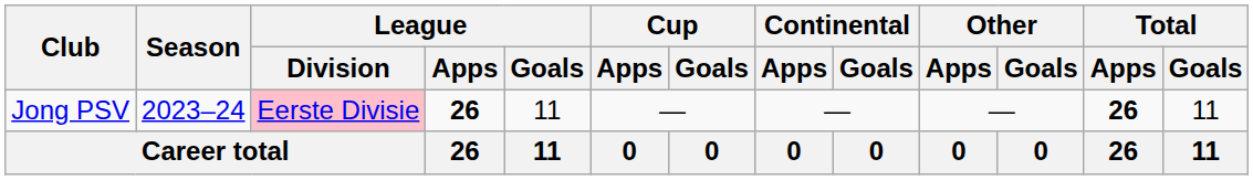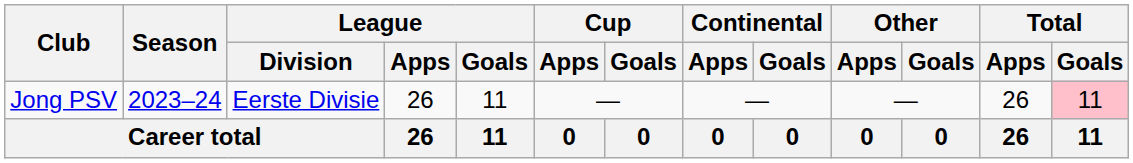 <table class="wikitable" Style="text-align: center">
 <tr>
 <th rowspan="2">Club</th>
 <th rowspan="2">Season</th>
 <th colspan="3">League</th>
 <th colspan="2">Cup</th>
 <th colspan="2">Continental</th>
 <th colspan="2">Other</th>
 <th colspan="2">Total</th>
 </tr>
 <tr>
 <th>Division</th>
 <th>Apps</th>
 <th>Goals</th>
 <th>Apps</th>
 <th>Goals</th>
 <th>Apps</th>
 <th>Goals</th>
 <th>Apps</th>
 <th>Goals</th>
 <th>Apps</th>
 <th>Goals</th>
 </tr>
 <tr>
 <td><a href='#'>Jong PSV</a></td>
 <td><a href='#'>2023–24</a></td>
-<td style="background: pink;"><a href='#'>Eerste Divisie</a></td>
-<td><strong>26</strong></td>
+<td><a href='#'>Eerste Divisie</a></td>
+<td>26</td>
 <td>11</td>
 <td colspan="2">—</td>
 <td colspan="2">—</td>
 <td colspan="2">—</td>
-<td><strong>26</strong></td>
-<td>11</td>
+<td>26</td>
+<td style="background: pink;">11</td>
 </tr>
 <tr>
 <th colspan="3">Career total</th>
 <th>26</th>
 <th>11</th>
 <th>0</th>
 <th>0</th>
 <th>0</th>
 <th>0</th>
 <th>0</th>
 <th>0</th>
 <th>26</th>
 <th>11</th>
 </tr>
 </table>
